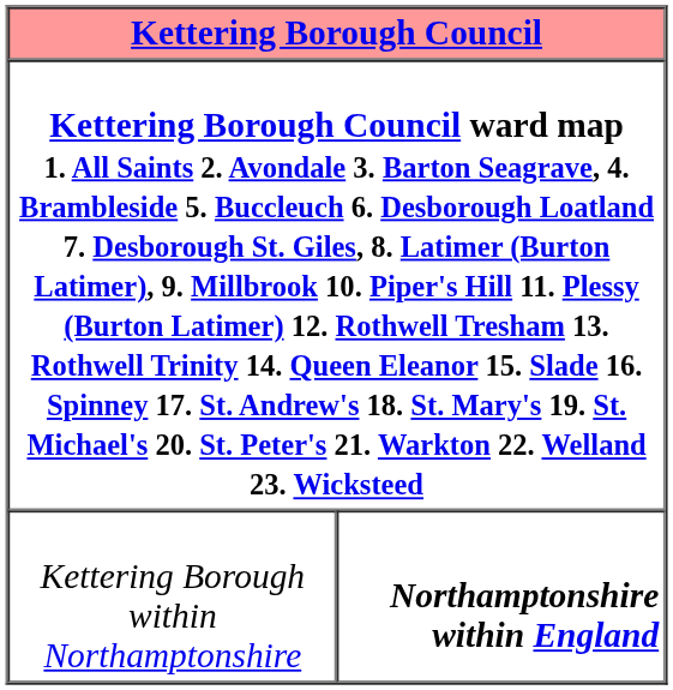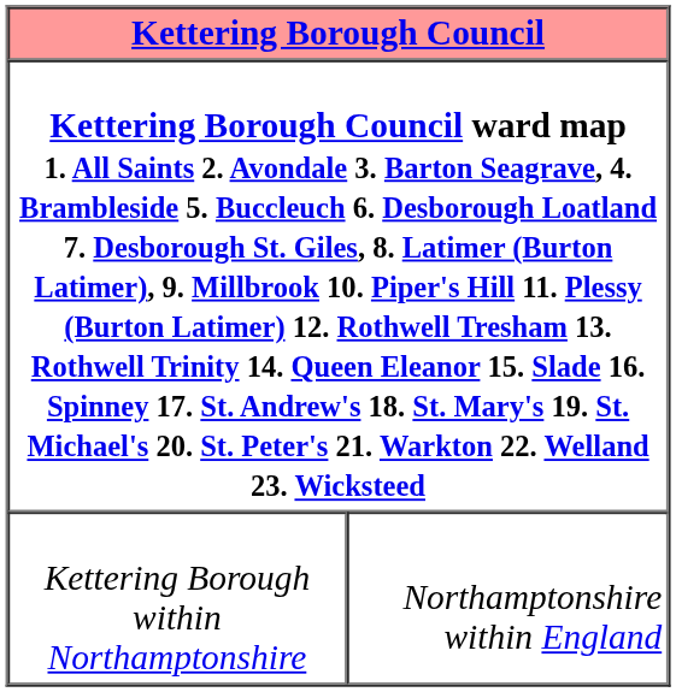 <table border=1 cellpadding="2" cellspacing="0" align="right" width=300>
 <tr>
 <th colspan=2 align=center bgcolor="#ff9999"><a href='#'>Kettering Borough Council</a></th>
 </tr>
 <tr>
 <th colspan=2 alignn=center><br><a href='#'>Kettering Borough Council</a> ward map <br><small>1. <a href='#'>All Saints</a> 2. <a href='#'>Avondale</a> 3. <a href='#'>Barton Seagrave</a>, 4. <a href='#'>Brambleside</a> 5. <a href='#'>Buccleuch</a> 6. <a href='#'>Desborough Loatland</a> 7. <a href='#'>Desborough St. Giles</a>, 8. <a href='#'>Latimer (Burton Latimer)</a>, 9. <a href='#'>Millbrook</a> 10. <a href='#'>Piper's Hill</a> 11. <a href='#'>Plessy (Burton Latimer)</a> 12. <a href='#'>Rothwell Tresham</a> 13. <a href='#'>Rothwell Trinity</a> 14. <a href='#'>Queen Eleanor</a> 15. <a href='#'>Slade</a> 16. <a href='#'>Spinney</a> 17. <a href='#'>St. Andrew's</a> 18. <a href='#'>St. Mary's</a> 19. <a href='#'>St. Michael's</a> 20. <a href='#'>St. Peter's</a> 21. <a href='#'>Warkton</a> 22. <a href='#'>Welland</a> 23. <a href='#'>Wicksteed</a></small></th>
 </tr>
 <tr>
 <td align=center><br><em>Kettering Borough within <a href='#'>Northamptonshire</a></em></td>
-<td align=right><strong><br><em>Northamptonshire within <a href='#'>England</a></em></strong></td>
+<td align=right><br><em>Northamptonshire within <a href='#'>England</a></em></td>
 </tr>
 </table>
